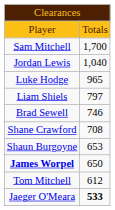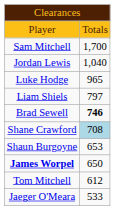 <table class="wikitable" style="text-align:center;">
 <tr>
 <td colspan="2" style="text-align:center; background: #4D2004; color: #FBBF15">Clearances</td>
 </tr>
 <tr>
 <td style="text-align:center; background: #FBBF15; color: #4D2004">Player</td>
 <td style="text-align:center; background: #FBBF15; color: #4D2004">Totals</td>
 </tr>
 <tr>
 <td><a href='#'>Sam Mitchell</a></td>
 <td>1,700</td>
 </tr>
 <tr>
 <td><a href='#'>Jordan Lewis</a></td>
 <td>1,040</td>
 </tr>
 <tr>
 <td><a href='#'>Luke Hodge</a></td>
 <td>965</td>
 </tr>
 <tr>
 <td><a href='#'>Liam Shiels</a></td>
 <td>797</td>
 </tr>
 <tr>
 <td><a href='#'>Brad Sewell</a></td>
-<td>746</td>
+<td><strong>746</strong></td>
 </tr>
 <tr>
 <td><a href='#'>Shane Crawford</a></td>
-<td>708</td>
+<td style="background: lightblue;">708</td>
 </tr>
 <tr>
 <td><a href='#'>Shaun Burgoyne</a></td>
 <td>653</td>
 </tr>
 <tr>
 <td><strong><a href='#'>James Worpel</a></strong></td>
 <td>650</td>
 </tr>
 <tr>
 <td><a href='#'>Tom Mitchell</a></td>
 <td>612</td>
 </tr>
 <tr>
 <td><a href='#'>Jaeger O'Meara</a></td>
-<td><strong>533</strong></td>
+<td>533</td>
 </tr>
 </table>
